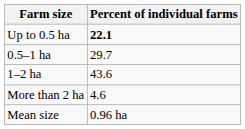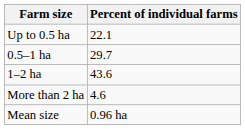 <table class="wikitable">
 <tr>
 <th>Farm size</th>
 <th>Percent of individual farms</th>
 </tr>
 <tr>
 <td>Up to 0.5 ha</td>
-<td><strong>22.1</strong></td>
+<td>22.1</td>
 </tr>
 <tr>
 <td>0.5–1 ha</td>
 <td>29.7</td>
 </tr>
 <tr>
 <td>1–2 ha</td>
 <td>43.6</td>
 </tr>
 <tr>
 <td>More than 2 ha</td>
 <td>4.6</td>
 </tr>
 <tr>
 <td>Mean size</td>
 <td>0.96 ha</td>
 </tr>
 </table>
